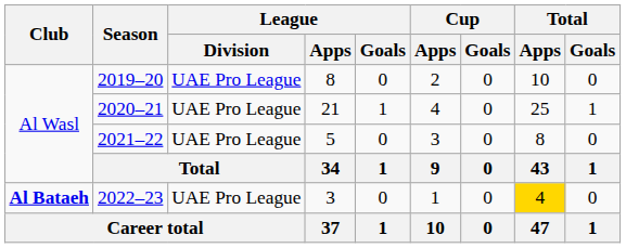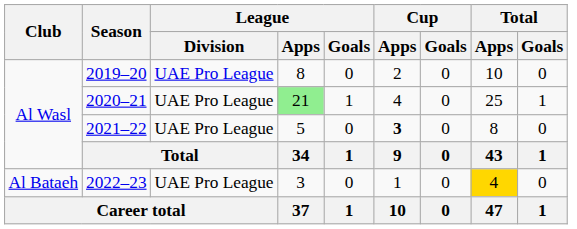 <table class="wikitable" style="text-align: center">
 <tr>
 <th rowspan="2">Club</th>
 <th rowspan="2">Season</th>
 <th colspan="3">League</th>
 <th colspan="2">Cup</th>
 <th colspan="2">Total</th>
 </tr>
 <tr>
 <th>Division</th>
 <th>Apps</th>
 <th>Goals</th>
 <th>Apps</th>
 <th>Goals</th>
 <th>Apps</th>
 <th>Goals</th>
 </tr>
 <tr>
 <td rowspan="4"><a href='#'>Al Wasl</a></td>
 <td><a href='#'>2019–20</a></td>
 <td><a href='#'>UAE Pro League</a></td>
 <td>8</td>
 <td>0</td>
 <td>2</td>
 <td>0</td>
 <td>10</td>
 <td>0</td>
 </tr>
 <tr>
 <td><a href='#'>2020–21</a></td>
 <td>UAE Pro League</td>
-<td>21</td>
+<td style="background: lightgreen;">21</td>
 <td>1</td>
 <td>4</td>
 <td>0</td>
 <td>25</td>
 <td>1</td>
 </tr>
 <tr>
 <td><a href='#'>2021–22</a></td>
 <td>UAE Pro League</td>
 <td>5</td>
 <td>0</td>
-<td>3</td>
+<td><strong>3</strong></td>
 <td>0</td>
 <td>8</td>
 <td>0</td>
 </tr>
 <tr>
 <th colspan="2">Total</th>
 <th>34</th>
 <th>1</th>
 <th>9</th>
 <th>0</th>
 <th>43</th>
 <th>1</th>
 </tr>
 <tr>
-<td><strong><a href='#'>Al Bataeh</a></strong></td>
+<td><a href='#'>Al Bataeh</a></td>
 <td><a href='#'>2022–23</a></td>
 <td>UAE Pro League</td>
 <td>3</td>
 <td>0</td>
 <td>1</td>
 <td>0</td>
 <td style="background: gold;">4</td>
 <td>0</td>
 </tr>
 <tr>
 <th colspan="3"><strong>Career total</strong></th>
 <th>37</th>
 <th>1</th>
 <th>10</th>
 <th>0</th>
 <th>47</th>
 <th>1</th>
 </tr>
 </table>
